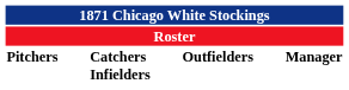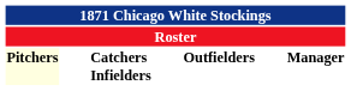 <table class="toccolours" style="font-size: 95%;">
 <tr>
 <th colspan="10" style="background-color: #0e3386; color: white; text-align: center;">1871 Chicago White Stockings</th>
 </tr>
 <tr>
 <td colspan="10" style="background-color: #EE1422; color: white; text-align: center;"><strong>Roster</strong></td>
 </tr>
 <tr>
-<td valign="top"><strong>Pitchers</strong><br></td>
+<td valign="top" style="background: lightyellow;"><strong>Pitchers</strong><br></td>
 <td width="25px"></td>
 <td valign="top"><strong>Catchers</strong><br> <strong>Infielders</strong>     </td>
 <td width="25px"></td>
 <td valign="top"><strong>Outfielders</strong><br>   </td>
 <td width="25px"></td>
 <td valign="top"><strong>Manager</strong><br></td>
 </tr>
 <tr>
 </tr>
 </table>
